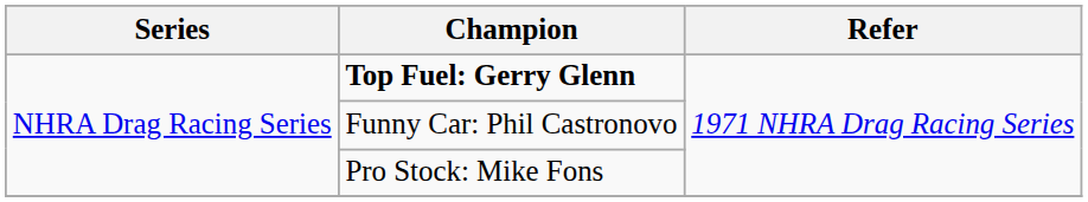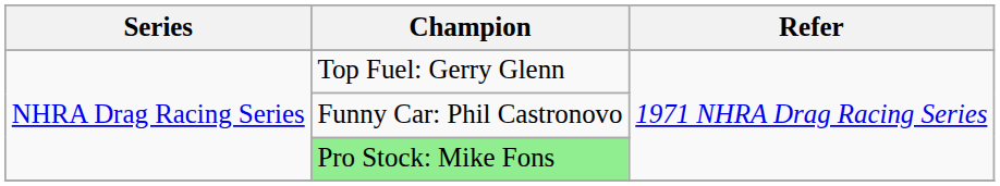 <table class="wikitable" style="font-size:87%;">
 <tr>
 <th>Series</th>
 <th>Champion</th>
 <th>Refer</th>
 </tr>
 <tr>
 <td rowspan=3><a href='#'>NHRA Drag Racing Series</a></td>
-<td><strong>Top Fuel:  Gerry Glenn</strong></td>
+<td>Top Fuel:  Gerry Glenn</td>
 <td rowspan=3><em><a href='#'>1971 NHRA Drag Racing Series</a></em></td>
 </tr>
 <tr>
 <td>Funny Car:  Phil Castronovo</td>
 </tr>
 <tr>
-<td>Pro Stock:  Mike Fons</td>
+<td style="background: lightgreen;">Pro Stock:  Mike Fons</td>
 </tr>
 <tr>
 </tr>
 </table>
